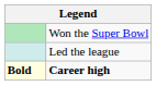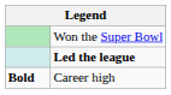 <table class="wikitable mw-collapsible mw-collapsed">
 <tr>
 <th colspan="3">Legend</th>
 </tr>
 <tr>
 <td style="background:#afe6ba; width:3em;"></td>
 <td>Won the <a href='#'>Super Bowl</a></td>
 </tr>
 <tr>
 <td style="background:#cfecec; width:3em;"></td>
-<td>Led the league</td>
+<td><strong>Led the league</strong></td>
 </tr>
 <tr>
-<td style="background: lightyellow;"><strong>Bold</strong></td>
-<td><strong>Career high</strong></td>
+<td><strong>Bold</strong></td>
+<td>Career high</td>
 </tr>
 </table>
